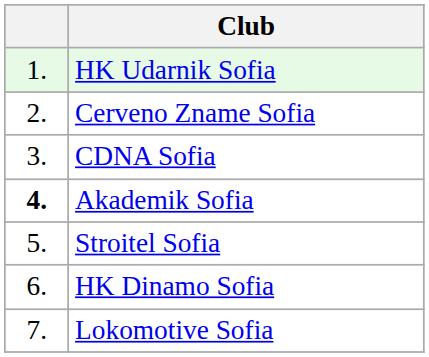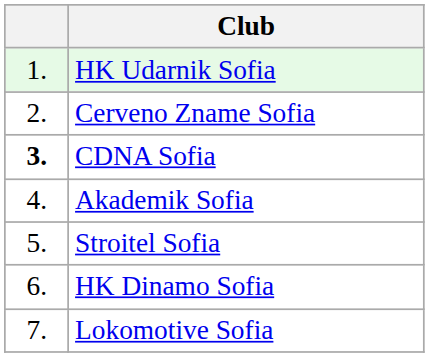 <table class="wikitable">
 <tr>
 <th width="30"></th>
 <th width="200">Club</th>
 </tr>
 <tr bgcolor="#e6fae6" align="center">
 <td>1.</td>
 <td align="left"><a href='#'>HK Udarnik Sofia</a></td>
 </tr>
 <tr bgcolor="#FFFFFF" align="center">
 <td>2.</td>
 <td align="left"><a href='#'>Cerveno Zname Sofia</a></td>
 </tr>
 <tr bgcolor="#FFFFFF" align="center">
-<td>3.</td>
+<td><strong>3.</strong></td>
 <td align="left"><a href='#'>CDNA Sofia</a></td>
 </tr>
 <tr bgcolor="#FFFFFF" align="center">
-<td><strong>4.</strong></td>
+<td>4.</td>
 <td align="left"><a href='#'>Akademik Sofia</a></td>
 </tr>
 <tr bgcolor="#FFFFFF" align="center">
 <td>5.</td>
 <td align="left"><a href='#'>Stroitel Sofia</a></td>
 </tr>
 <tr bgcolor="#FFFFFF" align="center">
 <td>6.</td>
 <td align="left"><a href='#'>HK Dinamo Sofia</a></td>
 </tr>
 <tr bgcolor="#FFFFFF" align="center">
 <td>7.</td>
 <td align="left"><a href='#'>Lokomotive Sofia</a></td>
 </tr>
 </table>
